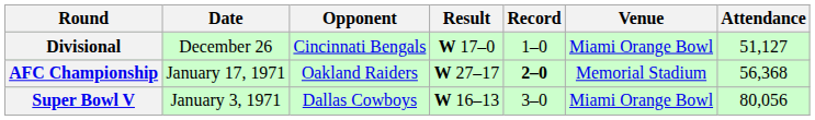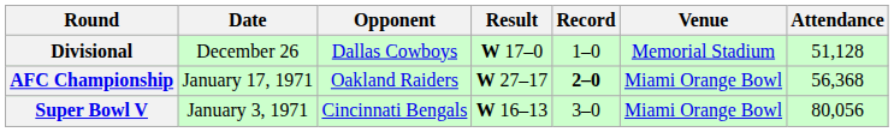 <table class="wikitable" style="text-align:center">
 <tr>
 <th>Round</th>
 <th>Date</th>
 <th>Opponent</th>
 <th>Result</th>
 <th>Record</th>
 <th>Venue</th>
 <th>Attendance</th>
 </tr>
 <tr style="background:#cfc">
 <th>Divisional</th>
 <td>December 26</td>
-<td><a href='#'>Cincinnati Bengals</a></td>
+<td><a href='#'>Dallas Cowboys</a></td>
 <td><strong>W</strong> 17–0</td>
 <td>1–0</td>
-<td><a href='#'>Miami Orange Bowl</a></td>
-<td>51,127</td>
+<td><a href='#'>Memorial Stadium</a></td>
+<td>51,128</td>
 </tr>
 <tr style="background:#cfc">
 <th><a href='#'>AFC Championship</a></th>
 <td>January 17, 1971</td>
 <td><a href='#'>Oakland Raiders</a></td>
 <td><strong>W</strong> 27–17</td>
 <td><strong>2–0</strong></td>
-<td><a href='#'>Memorial Stadium</a></td>
+<td><a href='#'>Miami Orange Bowl</a></td>
 <td>56,368</td>
 </tr>
 <tr style="background:#cfc">
 <th><a href='#'>Super Bowl V</a></th>
 <td>January 3, 1971</td>
-<td><a href='#'>Dallas Cowboys</a></td>
+<td><a href='#'>Cincinnati Bengals</a></td>
 <td><strong>W</strong> 16–13</td>
 <td>3–0</td>
 <td><a href='#'>Miami Orange Bowl</a></td>
 <td>80,056</td>
 </tr>
 </table>
